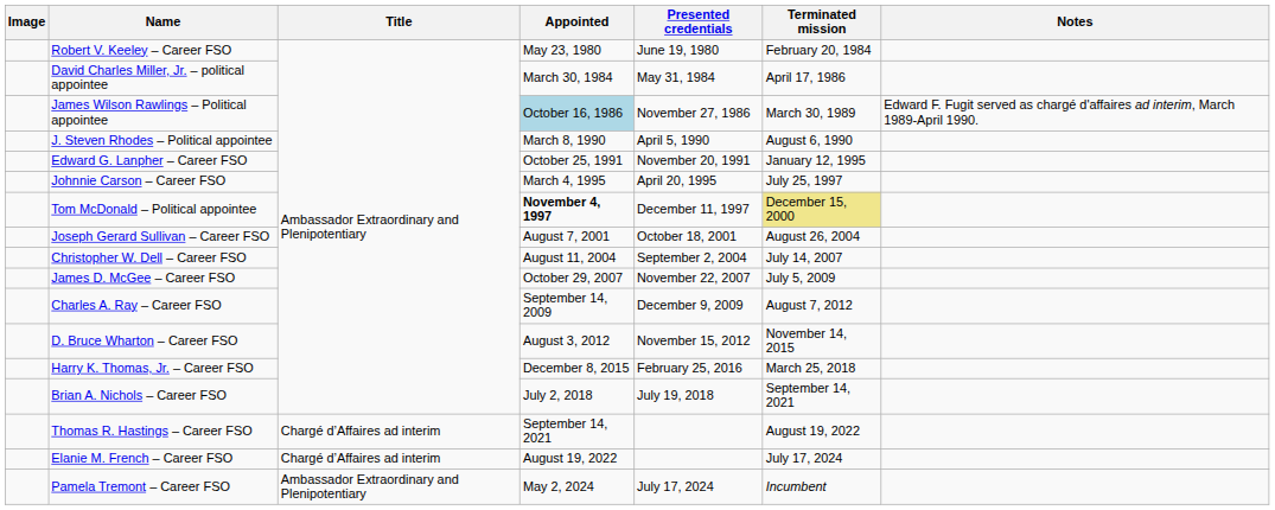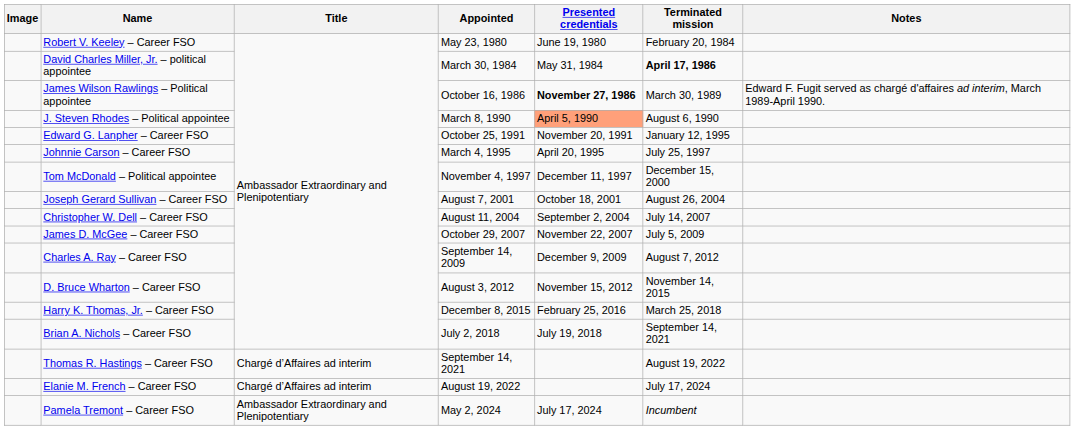 <table class="wikitable">
 <tr>
 <th>Image</th>
 <th>Name</th>
 <th>Title</th>
 <th>Appointed</th>
 <th><a href='#'>Presented credentials</a></th>
 <th>Terminated mission</th>
 <th>Notes</th>
 </tr>
 <tr>
 <td></td>
 <td><a href='#'>Robert V. Keeley</a> – Career FSO</td>
 <td rowspan="14">Ambassador Extraordinary and Plenipotentiary</td>
 <td>May 23, 1980</td>
 <td>June 19, 1980</td>
 <td>February 20, 1984</td>
 <td></td>
 </tr>
 <tr>
 <td></td>
 <td><a href='#'>David Charles Miller, Jr.</a> – political appointee</td>
 <td>March 30, 1984</td>
 <td>May 31, 1984</td>
-<td>April 17, 1986</td>
+<td><strong>April 17, 1986</strong></td>
 <td></td>
 </tr>
 <tr>
 <td></td>
 <td><a href='#'>James Wilson Rawlings</a> – Political appointee</td>
-<td style="background: lightblue;">October 16, 1986</td>
-<td>November 27, 1986</td>
+<td>October 16, 1986</td>
+<td><strong>November 27, 1986</strong></td>
 <td>March 30, 1989</td>
 <td>Edward F. Fugit served as chargé d'affaires <em>ad interim</em>, March 1989-April 1990.</td>
 </tr>
 <tr>
 <td></td>
 <td><a href='#'>J. Steven Rhodes</a> – Political appointee</td>
 <td>March 8, 1990</td>
-<td>April 5, 1990</td>
+<td style="background: lightsalmon;">April 5, 1990</td>
 <td>August 6, 1990</td>
 <td></td>
 </tr>
 <tr>
 <td></td>
 <td><a href='#'>Edward G. Lanpher</a> – Career FSO</td>
 <td>October 25, 1991</td>
 <td>November 20, 1991</td>
 <td>January 12, 1995</td>
 <td></td>
 </tr>
 <tr>
 <td></td>
 <td><a href='#'>Johnnie Carson</a> – Career FSO</td>
 <td>March 4, 1995</td>
 <td>April 20, 1995</td>
 <td>July 25, 1997</td>
 <td></td>
 </tr>
 <tr>
 <td></td>
 <td><a href='#'>Tom McDonald</a> – Political appointee</td>
-<td><strong>November 4, 1997</strong></td>
+<td>November 4, 1997</td>
 <td>December 11, 1997</td>
-<td style="background: khaki;">December 15, 2000</td>
+<td>December 15, 2000</td>
 <td></td>
 </tr>
 <tr>
 <td></td>
 <td><a href='#'>Joseph Gerard Sullivan</a> – Career FSO</td>
 <td>August 7, 2001</td>
 <td>October 18, 2001</td>
 <td>August 26, 2004</td>
 <td></td>
 </tr>
 <tr>
 <td></td>
 <td><a href='#'>Christopher W. Dell</a> – Career FSO</td>
 <td>August 11, 2004</td>
 <td>September 2, 2004</td>
 <td>July 14, 2007</td>
 <td></td>
 </tr>
 <tr>
 <td></td>
 <td><a href='#'>James D. McGee</a> – Career FSO</td>
 <td>October 29, 2007</td>
 <td>November 22, 2007</td>
 <td>July 5, 2009</td>
 <td></td>
 </tr>
 <tr>
 <td></td>
 <td><a href='#'>Charles A. Ray</a> – Career FSO</td>
 <td>September 14, 2009</td>
 <td>December 9, 2009</td>
 <td>August 7, 2012</td>
 <td></td>
 </tr>
 <tr>
 <td></td>
 <td><a href='#'>D. Bruce Wharton</a> – Career FSO</td>
 <td>August 3, 2012</td>
 <td>November 15, 2012</td>
 <td>November 14, 2015</td>
 <td></td>
 </tr>
 <tr>
 <td></td>
 <td><a href='#'>Harry K. Thomas, Jr.</a> – Career FSO</td>
 <td>December 8, 2015</td>
 <td>February 25, 2016</td>
 <td>March 25, 2018</td>
 <td></td>
 </tr>
 <tr>
 <td></td>
 <td><a href='#'>Brian A. Nichols</a> – Career FSO</td>
 <td>July 2, 2018</td>
 <td>July 19, 2018</td>
 <td>September 14, 2021</td>
 <td></td>
 </tr>
 <tr>
 <td></td>
 <td><a href='#'>Thomas R. Hastings</a> – Career FSO</td>
 <td>Chargé d’Affaires ad interim</td>
 <td>September 14, 2021</td>
 <td></td>
 <td>August 19, 2022</td>
 <td></td>
 </tr>
 <tr>
 <td></td>
 <td><a href='#'>Elanie M. French</a> – Career FSO</td>
 <td>Chargé d’Affaires ad interim</td>
 <td>August 19, 2022</td>
 <td></td>
 <td>July 17, 2024</td>
 <td></td>
 </tr>
 <tr>
 <td></td>
 <td><a href='#'>Pamela Tremont</a> – Career FSO</td>
 <td>Ambassador Extraordinary and Plenipotentiary</td>
 <td>May 2, 2024</td>
 <td>July 17, 2024</td>
 <td><em>Incumbent</em></td>
 <td></td>
 </tr>
 </table>
